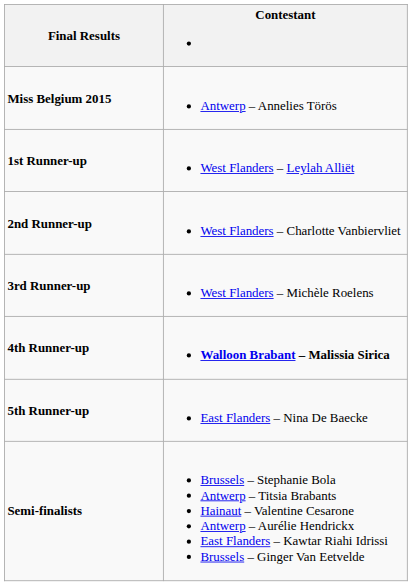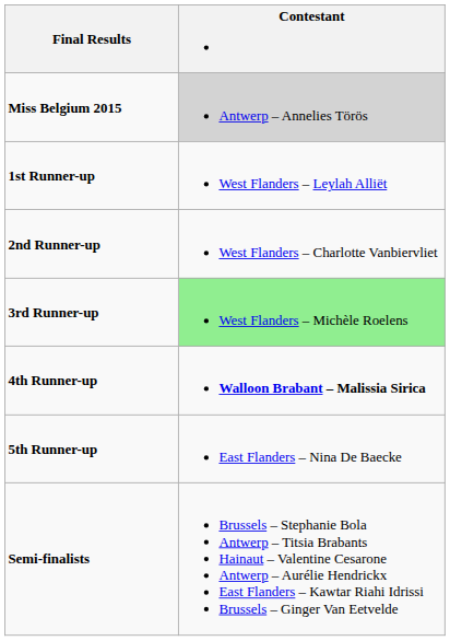 <table class="wikitable sortable" style="font-size:95%;">
 <tr>
 <th width="180">Final Results</th>
 <th width="280">Contestant<br><ul><li></li></ul></th>
 </tr>
 <tr>
 <td><strong> Miss Belgium 2015</strong></td>
-<td><br><ul><li><a href='#'>Antwerp</a> – Annelies Törös</li></ul></td>
+<td style="background: lightgrey;"><br><ul><li><a href='#'>Antwerp</a> – Annelies Törös</li></ul></td>
 </tr>
 <tr>
 <td><strong>1st Runner-up</strong></td>
 <td><br><ul><li><a href='#'>West Flanders</a> – <a href='#'>Leylah Alliët</a></li></ul></td>
 </tr>
 <tr>
 <td><strong>2nd Runner-up</strong></td>
 <td><br><ul><li><a href='#'>West Flanders</a> – Charlotte Vanbiervliet</li></ul></td>
 </tr>
 <tr>
 <td><strong>3rd Runner-up</strong></td>
-<td><br><ul><li><a href='#'>West Flanders</a> – Michèle Roelens</li></ul></td>
+<td style="background: lightgreen;"><br><ul><li><a href='#'>West Flanders</a> – Michèle Roelens</li></ul></td>
 </tr>
 <tr>
 <td><strong>4th Runner-up</strong></td>
 <td><strong><br><ul><li><a href='#'>Walloon Brabant</a> – Malissia Sirica</li></ul></strong></td>
 </tr>
 <tr>
 <td><strong>5th Runner-up</strong></td>
 <td><br><ul><li><a href='#'>East Flanders</a> – Nina De Baecke</li></ul></td>
 </tr>
 <tr>
 <td><strong>Semi-finalists</strong></td>
 <td><br><ul><li><a href='#'>Brussels</a> – Stephanie Bola</li><li><a href='#'>Antwerp</a> – Titsia Brabants</li><li><a href='#'>Hainaut</a> – Valentine Cesarone</li><li><a href='#'>Antwerp</a> – Aurélie Hendrickx</li><li><a href='#'>East Flanders</a> – Kawtar Riahi Idrissi</li><li><a href='#'>Brussels</a> – Ginger Van Eetvelde</li></ul></td>
 </tr>
 </table>
